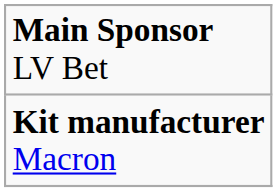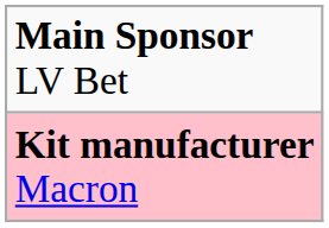 <table class="wikitable">
 <tr>
 <td><strong>Main Sponsor</strong><br> LV Bet</td>
 </tr>
 <tr>
-<td><strong>Kit manufacturer</strong><br> <a href='#'>Macron</a></td>
+<td style="background: pink;"><strong>Kit manufacturer</strong><br> <a href='#'>Macron</a></td>
 </tr>
 <tr>
 </tr>
 </table>
